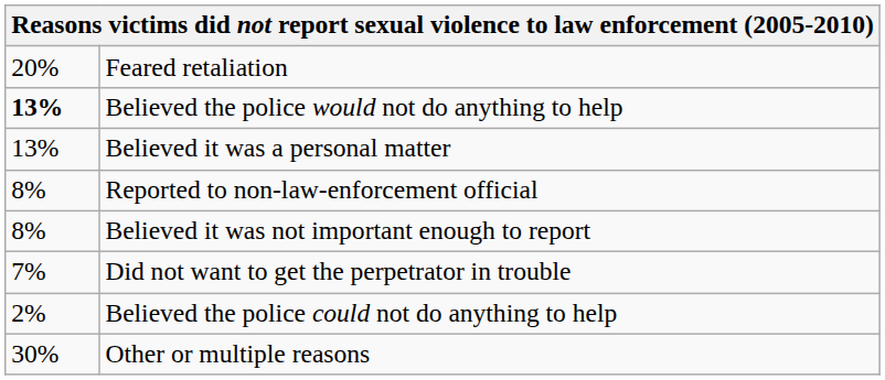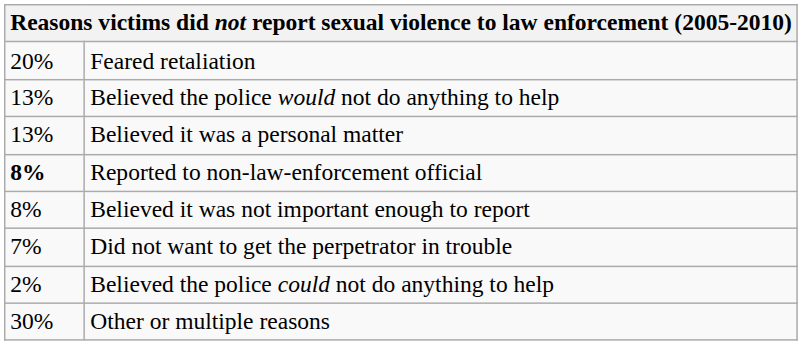 <table class=wikitable>
 <tr>
 <th colspan=2>Reasons victims did <em>not</em> report sexual violence to law enforcement (2005-2010)</th>
 </tr>
 <tr>
 <td>20%</td>
 <td>Feared retaliation</td>
 </tr>
 <tr>
-<td><strong>13%</strong></td>
+<td>13%</td>
 <td>Believed the police <em>would</em> not do anything to help</td>
 </tr>
 <tr>
 <td>13%</td>
 <td>Believed it was a personal matter</td>
 </tr>
 <tr>
-<td>8%</td>
+<td><strong>8%</strong></td>
 <td>Reported to non-law-enforcement official</td>
 </tr>
 <tr>
 <td>8%</td>
 <td>Believed it was not important enough to report</td>
 </tr>
 <tr>
 <td>7%</td>
 <td>Did not want to get the perpetrator in trouble</td>
 </tr>
 <tr>
 <td>2%</td>
 <td>Believed the police <em>could</em> not do anything to help</td>
 </tr>
 <tr>
 <td>30%</td>
 <td>Other or multiple reasons</td>
 </tr>
 </table>
